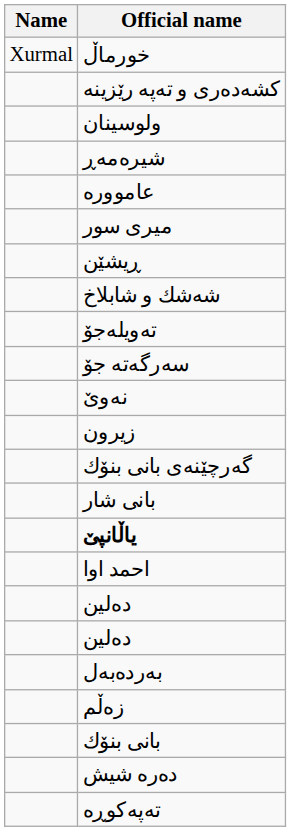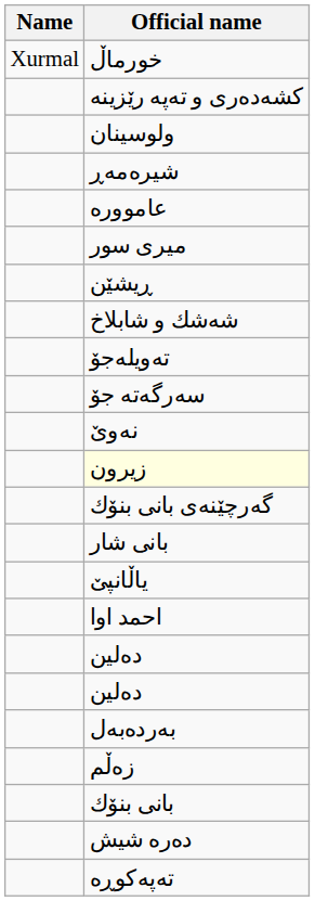 <table class="wikitable">
 <tr>
 <th>Name</th>
 <th>Official name</th>
 </tr>
 <tr>
 <td>Xurmal</td>
 <td>خورماڵ</td>
 </tr>
 <tr>
 <td></td>
 <td>كشه‌ده‌رى و ته‌په‌ رێزينه‌</td>
 </tr>
 <tr>
 <td></td>
 <td>ولوسينان</td>
 </tr>
 <tr>
 <td></td>
 <td>شيره‌مه‌ڕ</td>
 </tr>
 <tr>
 <td></td>
 <td>عامووره‌</td>
 </tr>
 <tr>
 <td></td>
 <td>ميرى سور</td>
 </tr>
 <tr>
 <td></td>
 <td>ڕيشێن</td>
 </tr>
 <tr>
 <td></td>
 <td>شه‌شك و شابلاخ</td>
 </tr>
 <tr>
 <td></td>
 <td>ته‌ويله‌جۆ</td>
 </tr>
 <tr>
 <td></td>
 <td>سه‌رگه‌ته‌ جۆ</td>
 </tr>
 <tr>
 <td></td>
 <td>نه‌وێ</td>
 </tr>
 <tr>
 <td></td>
-<td>زيرون</td>
+<td style="background: lightyellow;">زيرون</td>
 </tr>
 <tr>
 <td></td>
 <td>گه‌رچێنه‌ى بانى بنۆك</td>
 </tr>
 <tr>
 <td></td>
 <td>بانى شار</td>
 </tr>
 <tr>
 <td></td>
-<td><strong>ياڵانپێ</strong></td>
+<td>ياڵانپێ</td>
 </tr>
 <tr>
 <td></td>
 <td>احمد اوا</td>
 </tr>
 <tr>
 <td></td>
 <td>ده‌لين</td>
 </tr>
 <tr>
 <td></td>
 <td>ده‌لين</td>
 </tr>
 <tr>
 <td></td>
 <td>به‌رده‌به‌ل</td>
 </tr>
 <tr>
 <td></td>
 <td>زه‌ڵم</td>
 </tr>
 <tr>
 <td></td>
 <td>بانى بنۆك</td>
 </tr>
 <tr>
 <td></td>
 <td>ده‌ره‌ شيش</td>
 </tr>
 <tr>
 <td></td>
 <td>ته‌په‌كوڕه‌</td>
 </tr>
 </table>
